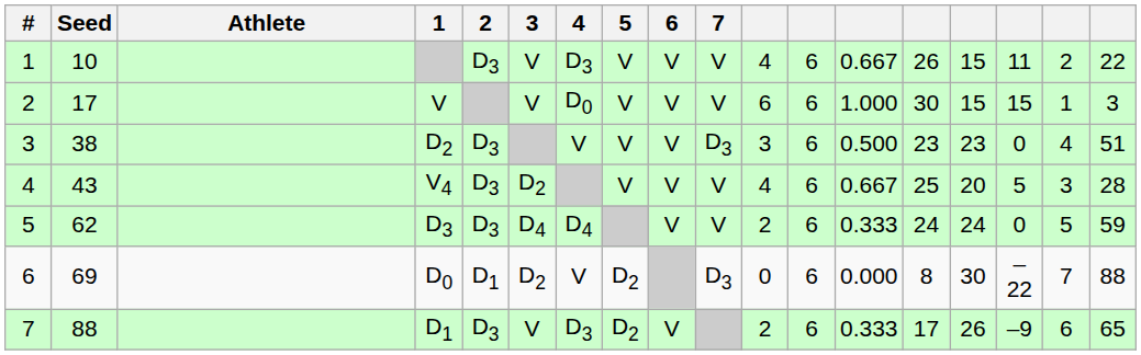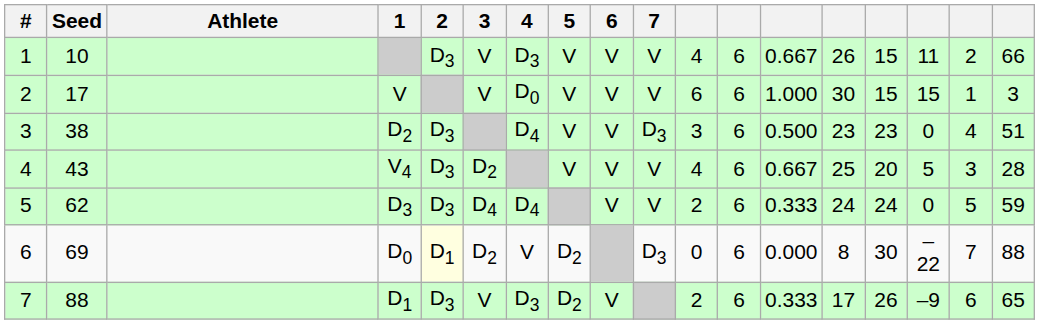 <table class="wikitable" style="text-align:center">
 <tr>
 <th width="25">#</th>
 <th width="25">Seed</th>
 <th width="200">Athlete</th>
 <th width="25">1</th>
 <th width="25">2</th>
 <th width="25">3</th>
 <th width="25">4</th>
 <th width="25">5</th>
 <th width="25">6</th>
 <th width="25">7</th>
 <th width="25"></th>
 <th width="25"></th>
 <th width="40"></th>
 <th width="25"></th>
 <th width="25"></th>
 <th width="25"></th>
 <th width="25"></th>
 <th width="25"></th>
 </tr>
 <tr bgcolor="#ccffcc">
 <td>1</td>
 <td>10</td>
 <td align=left></td>
 <td bgcolor="#cccccc"></td>
 <td>D<sub>3</sub></td>
 <td>V</td>
 <td>D<sub>3</sub></td>
 <td>V</td>
 <td>V</td>
 <td>V</td>
 <td>4</td>
 <td>6</td>
 <td>0.667</td>
 <td>26</td>
 <td>15</td>
 <td>11</td>
 <td>2</td>
-<td>22</td>
+<td>66</td>
 </tr>
 <tr bgcolor="#ccffcc">
 <td>2</td>
 <td>17</td>
 <td align=left></td>
 <td>V</td>
 <td bgcolor="#cccccc"></td>
 <td>V</td>
 <td>D<sub>0</sub></td>
 <td>V</td>
 <td>V</td>
 <td>V</td>
 <td>6</td>
 <td>6</td>
 <td>1.000</td>
 <td>30</td>
 <td>15</td>
 <td>15</td>
 <td>1</td>
 <td>3</td>
 </tr>
 <tr bgcolor="#ccffcc">
 <td>3</td>
 <td>38</td>
 <td align=left></td>
 <td>D<sub>2</sub></td>
 <td>D<sub>3</sub></td>
 <td bgcolor="#cccccc"></td>
-<td>V</td>
+<td>D<sub>4</sub></td>
 <td>V</td>
 <td>V</td>
 <td>D<sub>3</sub></td>
 <td>3</td>
 <td>6</td>
 <td>0.500</td>
 <td>23</td>
 <td>23</td>
 <td>0</td>
 <td>4</td>
 <td>51</td>
 </tr>
 <tr bgcolor="#ccffcc">
 <td>4</td>
 <td>43</td>
 <td align=left></td>
 <td>V<sub>4</sub></td>
 <td>D<sub>3</sub></td>
 <td>D<sub>2</sub></td>
 <td bgcolor="#cccccc"></td>
 <td>V</td>
 <td>V</td>
 <td>V</td>
 <td>4</td>
 <td>6</td>
 <td>0.667</td>
 <td>25</td>
 <td>20</td>
 <td>5</td>
 <td>3</td>
 <td>28</td>
 </tr>
 <tr bgcolor="#ccffcc">
 <td>5</td>
 <td>62</td>
 <td align=left></td>
 <td>D<sub>3</sub></td>
 <td>D<sub>3</sub></td>
 <td>D<sub>4</sub></td>
 <td>D<sub>4</sub></td>
 <td bgcolor="#cccccc"></td>
 <td>V</td>
 <td>V</td>
 <td>2</td>
 <td>6</td>
 <td>0.333</td>
 <td>24</td>
 <td>24</td>
 <td>0</td>
 <td>5</td>
 <td>59</td>
 </tr>
 <tr>
 <td>6</td>
 <td>69</td>
 <td align=left></td>
 <td>D<sub>0</sub></td>
-<td>D<sub>1</sub></td>
+<td style="background: lightyellow;">D<sub>1</sub></td>
 <td>D<sub>2</sub></td>
 <td>V</td>
 <td>D<sub>2</sub></td>
 <td bgcolor="#cccccc"></td>
 <td>D<sub>3</sub></td>
 <td>0</td>
 <td>6</td>
 <td>0.000</td>
 <td>8</td>
 <td>30</td>
 <td>–22</td>
 <td>7</td>
 <td>88</td>
 </tr>
 <tr bgcolor="#ccffcc">
 <td>7</td>
 <td>88</td>
 <td align=left></td>
 <td>D<sub>1</sub></td>
 <td>D<sub>3</sub></td>
 <td>V</td>
 <td>D<sub>3</sub></td>
 <td>D<sub>2</sub></td>
 <td>V</td>
 <td bgcolor="#cccccc"></td>
 <td>2</td>
 <td>6</td>
 <td>0.333</td>
 <td>17</td>
 <td>26</td>
 <td>–9</td>
 <td>6</td>
 <td>65</td>
 </tr>
 </table>
